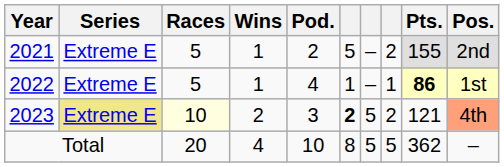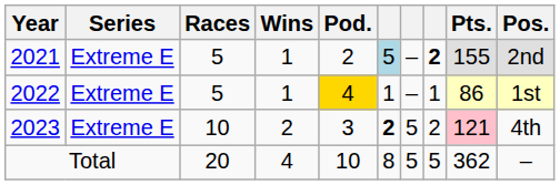 <table class="wikitable" style="text-align:center; font-size:85%">
 <tr>
 <th>Year</th>
 <th>Series</th>
 <th>Races</th>
 <th>Wins</th>
 <th>Pod.</th>
 <th></th>
 <th></th>
 <th></th>
 <th>Pts.</th>
 <th>Pos.</th>
 </tr>
 <tr>
 <td><a href='#'>2021</a></td>
 <td><a href='#'>Extreme E</a></td>
 <td>5</td>
 <td>1</td>
 <td>2</td>
-<td>5</td>
+<td style="background: lightblue;">5</td>
 <td>–</td>
-<td>2</td>
+<td><strong>2</strong></td>
 <td style="background:#dfdfdf;">155</td>
 <td style="background:#dfdfdf;">2nd</td>
 </tr>
 <tr>
 <td><a href='#'>2022</a></td>
 <td><a href='#'>Extreme E</a></td>
 <td>5</td>
 <td>1</td>
-<td>4</td>
+<td style="background: gold;">4</td>
 <td>1</td>
 <td>–</td>
 <td>1</td>
-<td bgcolor=#ffffbf><strong>86</strong></td>
+<td bgcolor=#ffffbf>86</td>
 <td bgcolor=#ffffbf>1st</td>
 </tr>
 <tr>
 <td><a href='#'>2023</a></td>
-<td style="background: khaki;"><a href='#'>Extreme E</a></td>
-<td style="background: lightyellow;">10</td>
+<td><a href='#'>Extreme E</a></td>
+<td>10</td>
 <td>2</td>
 <td>3</td>
 <td><strong>2</strong></td>
 <td>5</td>
 <td>2</td>
-<td>121</td>
-<td style="background: lightsalmon;">4th</td>
+<td style="background: pink;">121</td>
+<td>4th</td>
 </tr>
 <tr>
 <td colspan=2>Total</td>
 <td>20</td>
 <td>4</td>
 <td>10</td>
 <td>8</td>
 <td>5</td>
 <td>5</td>
 <td>362</td>
 <td>–</td>
 </tr>
 </table>
